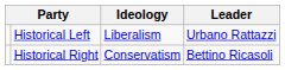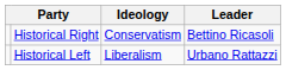 <table class=wikitable style="font-size:100%">
 <tr>
 <th colspan=2>Party</th>
 <th>Ideology</th>
 <th>Leader</th>
 </tr>
 <tr>
 <td style="color:inherit;background:"></td>
+<td><a href='#'>Historical Right</a></td>
+<td><a href='#'>Conservatism</a></td>
+<td><a href='#'>Bettino Ricasoli</a></td>
+</tr>
+<tr>
+<td style="color:inherit;background:"></td>
 <td><a href='#'>Historical Left</a></td>
 <td><a href='#'>Liberalism</a></td>
 <td><a href='#'>Urbano Rattazzi</a></td>
 </tr>
-<tr>
-<td style="color:inherit;background:"></td>
-<td><a href='#'>Historical Right</a></td>
-<td><a href='#'>Conservatism</a></td>
-<td><a href='#'>Bettino Ricasoli</a></td>
-</tr>
 </table>
